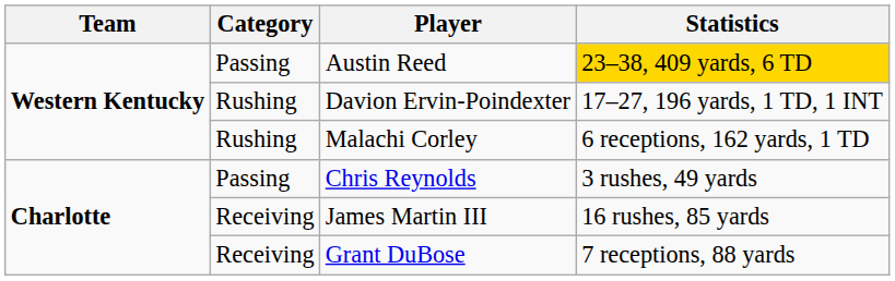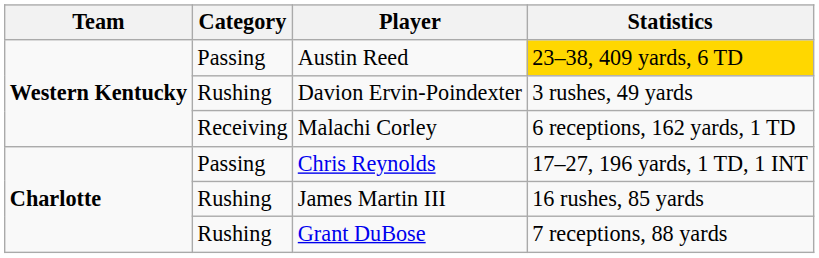 <table class="wikitable" style="float: left;">
 <tr>
 <th>Team</th>
 <th>Category</th>
 <th>Player</th>
 <th>Statistics</th>
 </tr>
 <tr>
 <td rowspan=3><strong>Western Kentucky</strong></td>
 <td>Passing</td>
 <td>Austin Reed</td>
 <td style="background: gold;">23–38, 409 yards, 6 TD</td>
 </tr>
 <tr>
 <td>Rushing</td>
 <td>Davion Ervin-Poindexter</td>
-<td>17–27, 196 yards, 1 TD, 1 INT</td>
+<td>3 rushes, 49 yards</td>
 </tr>
 <tr>
-<td>Rushing</td>
+<td>Receiving</td>
 <td>Malachi Corley</td>
 <td>6 receptions, 162 yards, 1 TD</td>
 </tr>
 <tr>
 <td rowspan=3><strong>Charlotte</strong></td>
 <td>Passing</td>
 <td><a href='#'>Chris Reynolds</a></td>
-<td>3 rushes, 49 yards</td>
+<td>17–27, 196 yards, 1 TD, 1 INT</td>
 </tr>
 <tr>
-<td>Receiving</td>
+<td>Rushing</td>
 <td>James Martin III</td>
 <td>16 rushes, 85 yards</td>
 </tr>
 <tr>
-<td>Receiving</td>
+<td>Rushing</td>
 <td><a href='#'>Grant DuBose</a></td>
 <td>7 receptions, 88 yards</td>
 </tr>
 </table>
